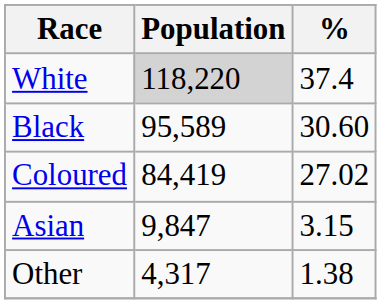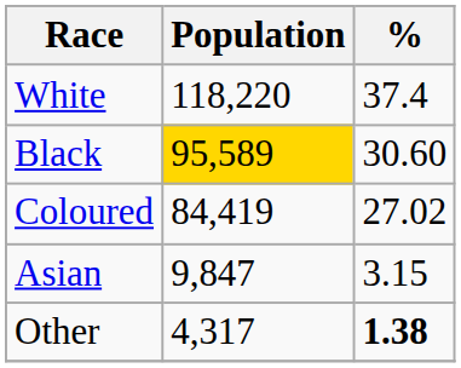 <table class="wikitable sortable">
 <tr>
 <th>Race</th>
 <th>Population</th>
 <th>%</th>
 </tr>
 <tr>
 <td><a href='#'>White</a></td>
-<td style="background: lightgrey;">118,220</td>
+<td>118,220</td>
 <td>37.4</td>
 </tr>
 <tr>
 <td><a href='#'>Black</a></td>
-<td>95,589</td>
+<td style="background: gold;">95,589</td>
 <td>30.60</td>
 </tr>
 <tr>
 <td><a href='#'>Coloured</a></td>
 <td>84,419</td>
 <td>27.02</td>
 </tr>
 <tr>
 <td><a href='#'>Asian</a></td>
 <td>9,847</td>
 <td>3.15</td>
 </tr>
 <tr>
 <td>Other</td>
 <td>4,317</td>
-<td>1.38</td>
+<td><strong>1.38</strong></td>
 </tr>
 <tr>
 </tr>
 </table>
